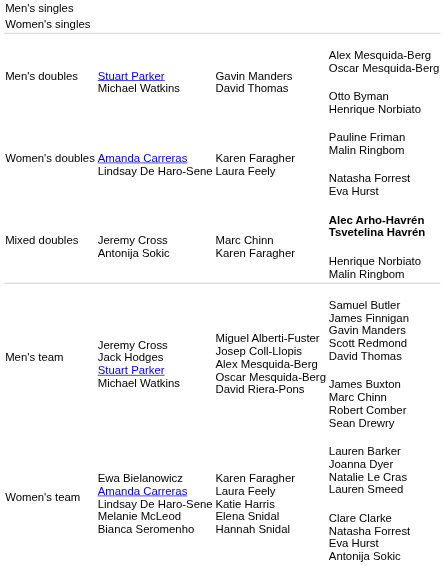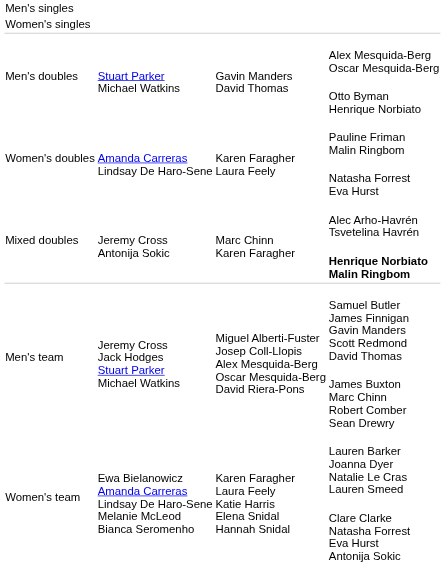 <table>
 <tr>
 <td rowspan=2>Men's singles</td>
 <td rowspan=2></td>
 <td rowspan=2></td>
 <td></td>
 </tr>
 <tr>
 <td></td>
 </tr>
 <tr>
 <td rowspan=2>Women's singles</td>
 <td rowspan=2></td>
 <td rowspan=2></td>
 <td></td>
 </tr>
 <tr>
 <td></td>
 </tr>
 <tr bgcolor=#dddddd>
 <td colspan=5></td>
 </tr>
 <tr>
 <td rowspan=2>Men's doubles</td>
 <td rowspan=2><br><a href='#'>Stuart Parker</a><br>Michael Watkins</td>
 <td rowspan=2><br>Gavin Manders<br>David Thomas</td>
 <td nowrap><br>Alex Mesquida-Berg<br>Oscar Mesquida-Berg</td>
 </tr>
 <tr>
 <td><br>Otto Byman<br>Henrique Norbiato</td>
 </tr>
 <tr>
 <td rowspan=2>Women's doubles</td>
 <td rowspan=2><br><a href='#'>Amanda Carreras</a><br>Lindsay De Haro-Sene</td>
 <td rowspan=2><br>Karen Faragher<br>Laura Feely</td>
 <td><br>Pauline Friman<br>Malin Ringbom</td>
 </tr>
 <tr>
 <td><br>Natasha Forrest<br>Eva Hurst</td>
 </tr>
 <tr>
 <td rowspan=2>Mixed doubles</td>
 <td rowspan=2><br>Jeremy Cross<br>Antonija Sokic</td>
 <td rowspan=2><br>Marc Chinn<br>Karen Faragher</td>
-<td><strong><br>Alec Arho-Havrén<br>Tsvetelina Havrén</strong></td>
+<td><br>Alec Arho-Havrén<br>Tsvetelina Havrén</td>
 </tr>
 <tr>
-<td><br>Henrique Norbiato<br>Malin Ringbom</td>
+<td><strong><br>Henrique Norbiato<br>Malin Ringbom</strong></td>
 </tr>
 <tr bgcolor=#dddddd>
 <td colspan=5></td>
 </tr>
 <tr>
 <td rowspan=2>Men's team</td>
 <td rowspan=2><br>Jeremy Cross<br>Jack Hodges<br><a href='#'>Stuart Parker</a><br>Michael Watkins</td>
 <td rowspan=2 nowrap><br>Miguel Alberti-Fuster<br>Josep Coll-Llopis<br>Alex Mesquida-Berg<br>Oscar Mesquida-Berg<br>David Riera-Pons</td>
 <td><br>Samuel Butler<br>James Finnigan<br>Gavin Manders<br>Scott Redmond<br>David Thomas</td>
 </tr>
 <tr>
 <td><br>James Buxton<br>Marc Chinn<br>Robert Comber<br>Sean Drewry</td>
 </tr>
 <tr>
 <td rowspan=2>Women's team</td>
 <td rowspan=2 nowrap><br>Ewa Bielanowicz<br><a href='#'>Amanda Carreras</a><br>Lindsay De Haro-Sene<br>Melanie McLeod<br>Bianca Seromenho</td>
 <td rowspan=2><br>Karen Faragher<br>Laura Feely<br>Katie Harris<br>Elena Snidal<br>Hannah Snidal</td>
 <td><br>Lauren Barker<br>Joanna Dyer<br>Natalie Le Cras<br>Lauren Smeed</td>
 </tr>
 <tr>
 <td><br>Clare Clarke<br>Natasha Forrest<br>Eva Hurst<br>Antonija Sokic</td>
 </tr>
 <tr>
 </tr>
 </table>
